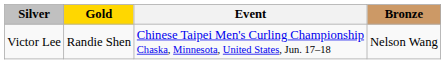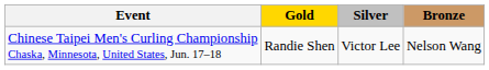 <table class="wikitable">
 <tr>
+<th>Event</th>
+<th style="background:gold">Gold</th>
 <th style="background:silver">Silver</th>
-<th style="background:gold">Gold</th>
-<th>Event</th>
 <th style="background:#cc9966">Bronze</th>
 </tr>
 <tr>
+<td><a href='#'>Chinese Taipei Men's Curling Championship</a> <br> <small><a href='#'>Chaska</a>, <a href='#'>Minnesota</a>, <a href='#'>United States</a>, Jun. 17–18</small></td>
+<td>Randie Shen</td>
 <td>Victor Lee</td>
-<td>Randie Shen</td>
-<td><a href='#'>Chinese Taipei Men's Curling Championship</a> <br> <small><a href='#'>Chaska</a>, <a href='#'>Minnesota</a>, <a href='#'>United States</a>, Jun. 17–18</small></td>
 <td>Nelson Wang</td>
 </tr>
 </table>
